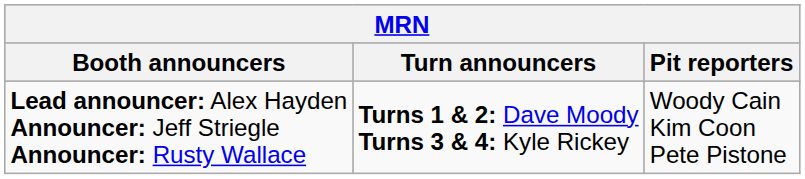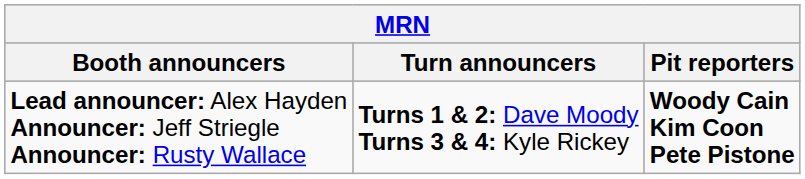 <table class="wikitable" style="font-size: 95%">
 <tr>
 <th colspan="3"><a href='#'>MRN</a></th>
 </tr>
 <tr>
 <th>Booth announcers</th>
 <th>Turn announcers</th>
 <th>Pit reporters</th>
 </tr>
 <tr>
 <td><strong>Lead announcer:</strong> Alex Hayden<br><strong>Announcer:</strong> Jeff Striegle<br><strong>Announcer:</strong> <a href='#'>Rusty Wallace</a></td>
 <td><strong>Turns 1 & 2:</strong> <a href='#'>Dave Moody</a><br><strong>Turns 3 & 4:</strong> Kyle Rickey</td>
-<td>Woody Cain<br>Kim Coon<br>Pete Pistone</td>
+<td><strong>Woody Cain<br>Kim Coon<br>Pete Pistone</strong></td>
 </tr>
 </table>
